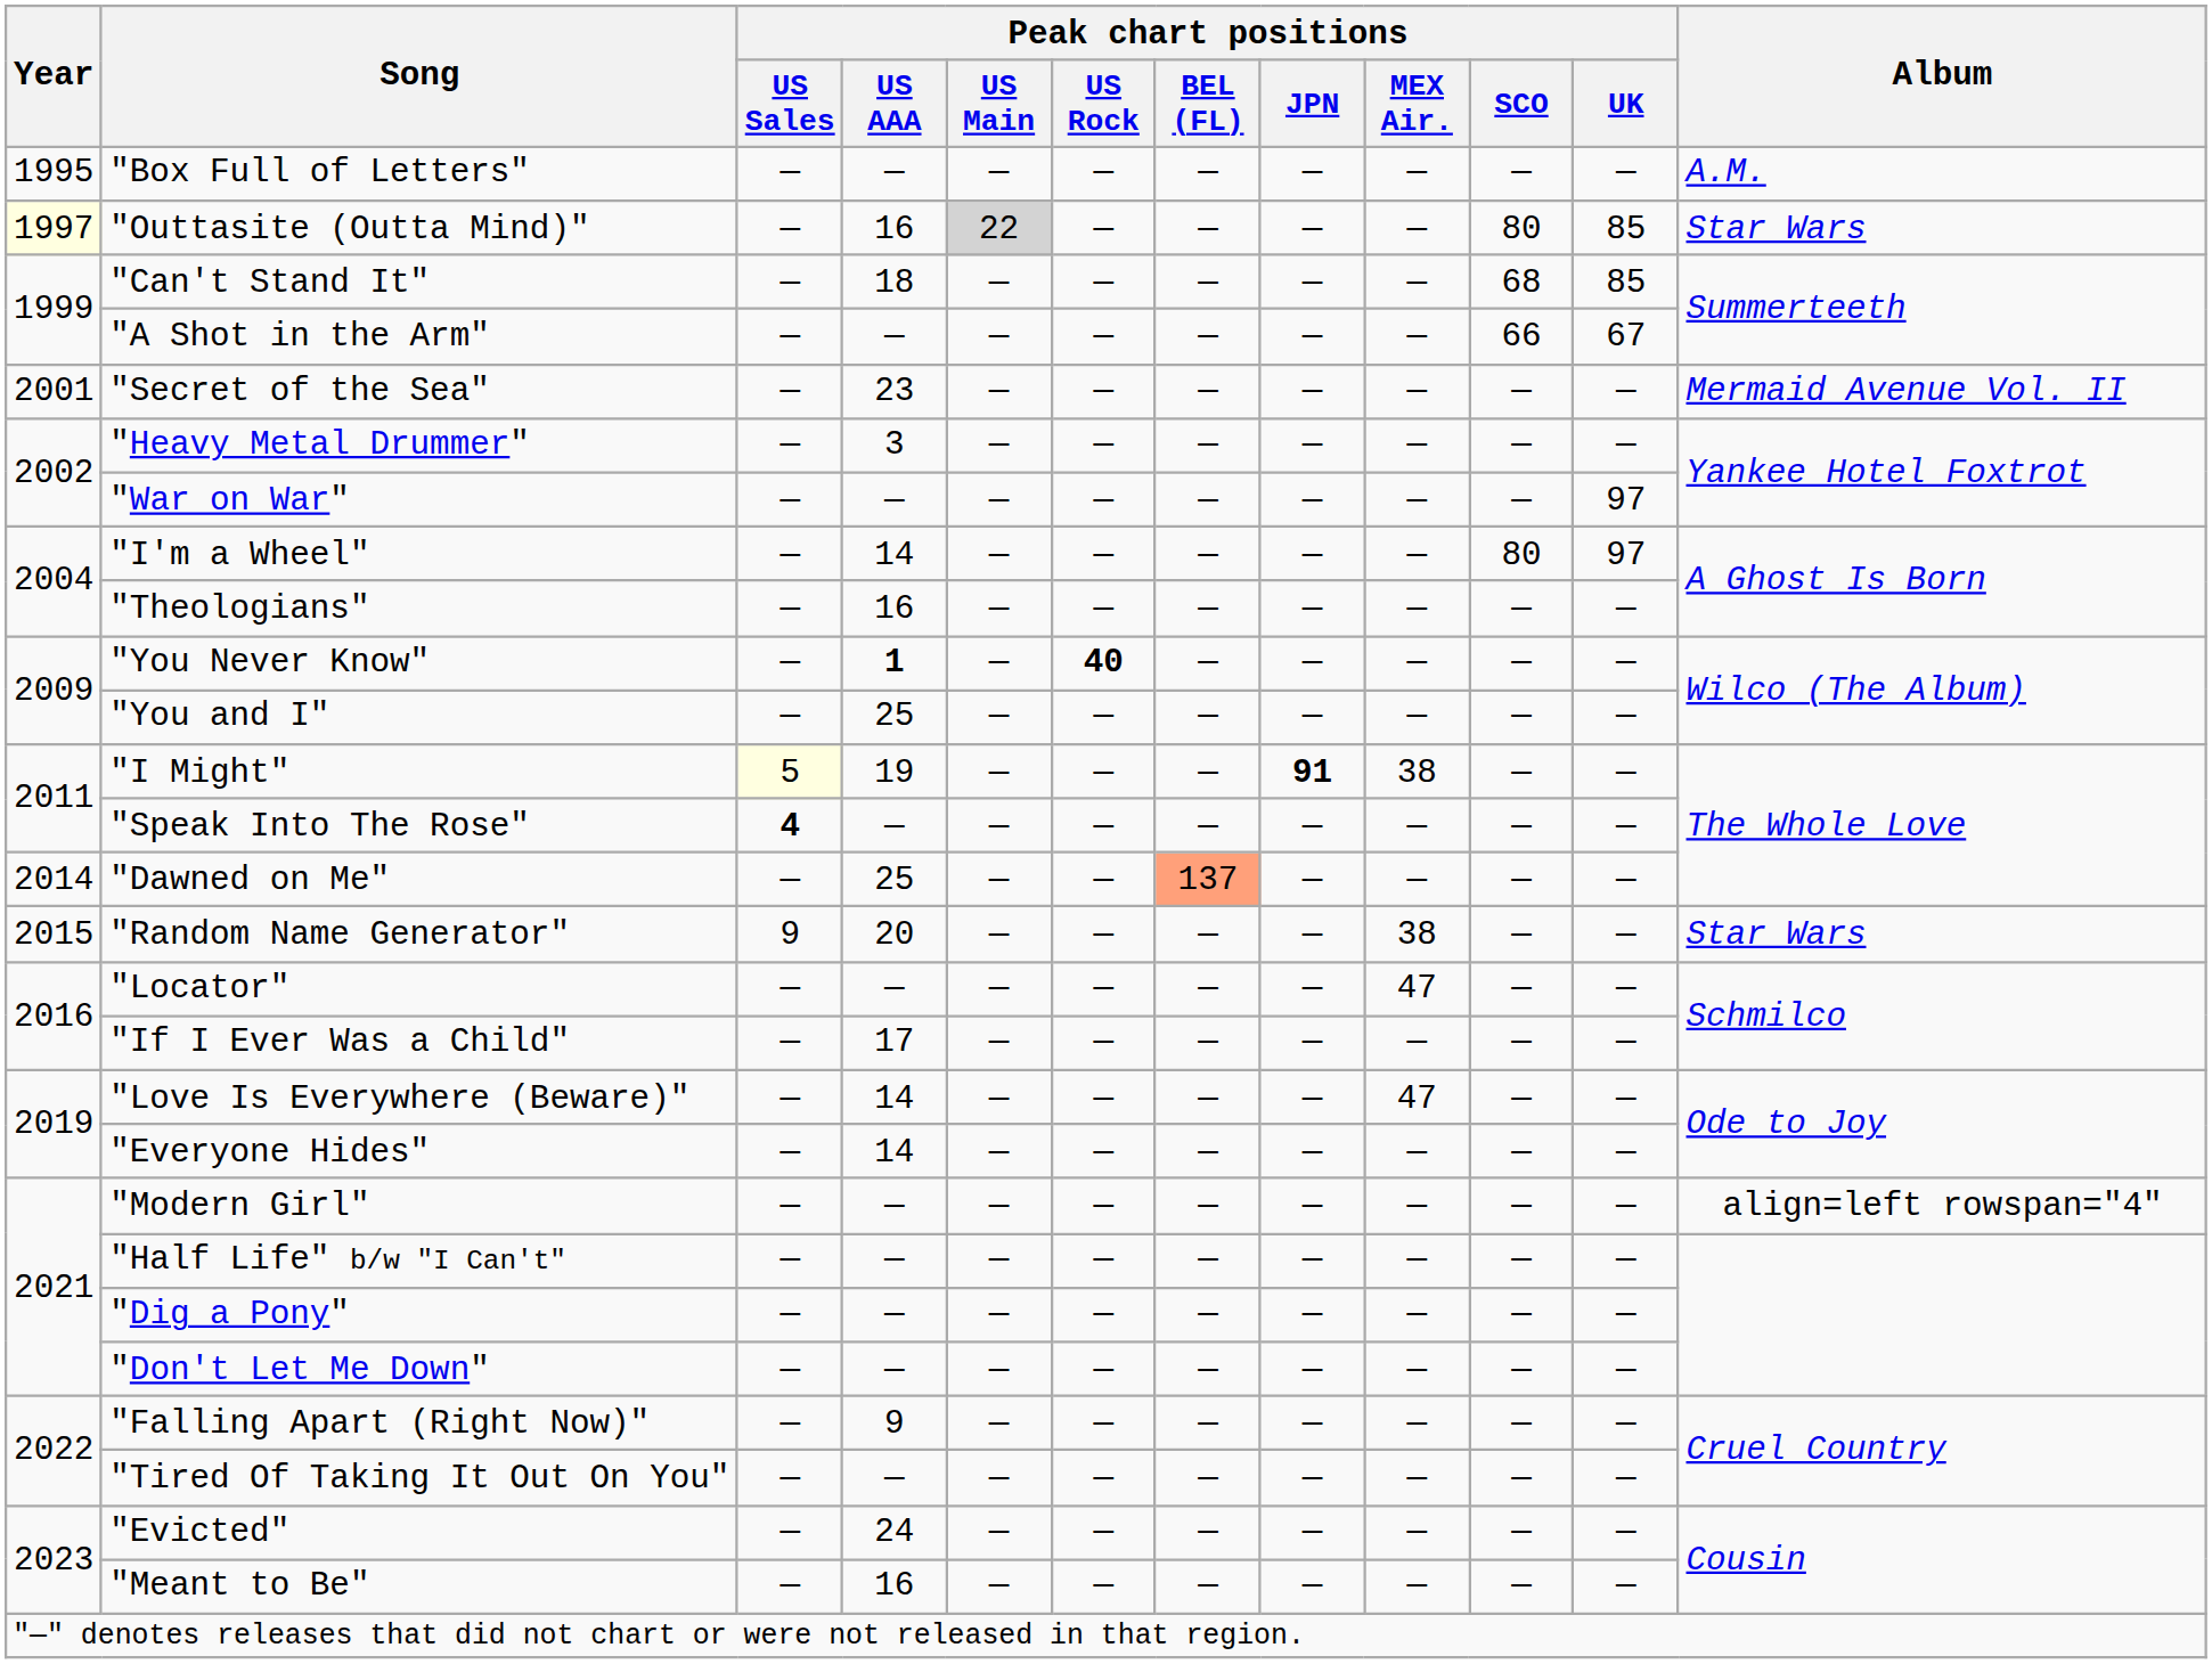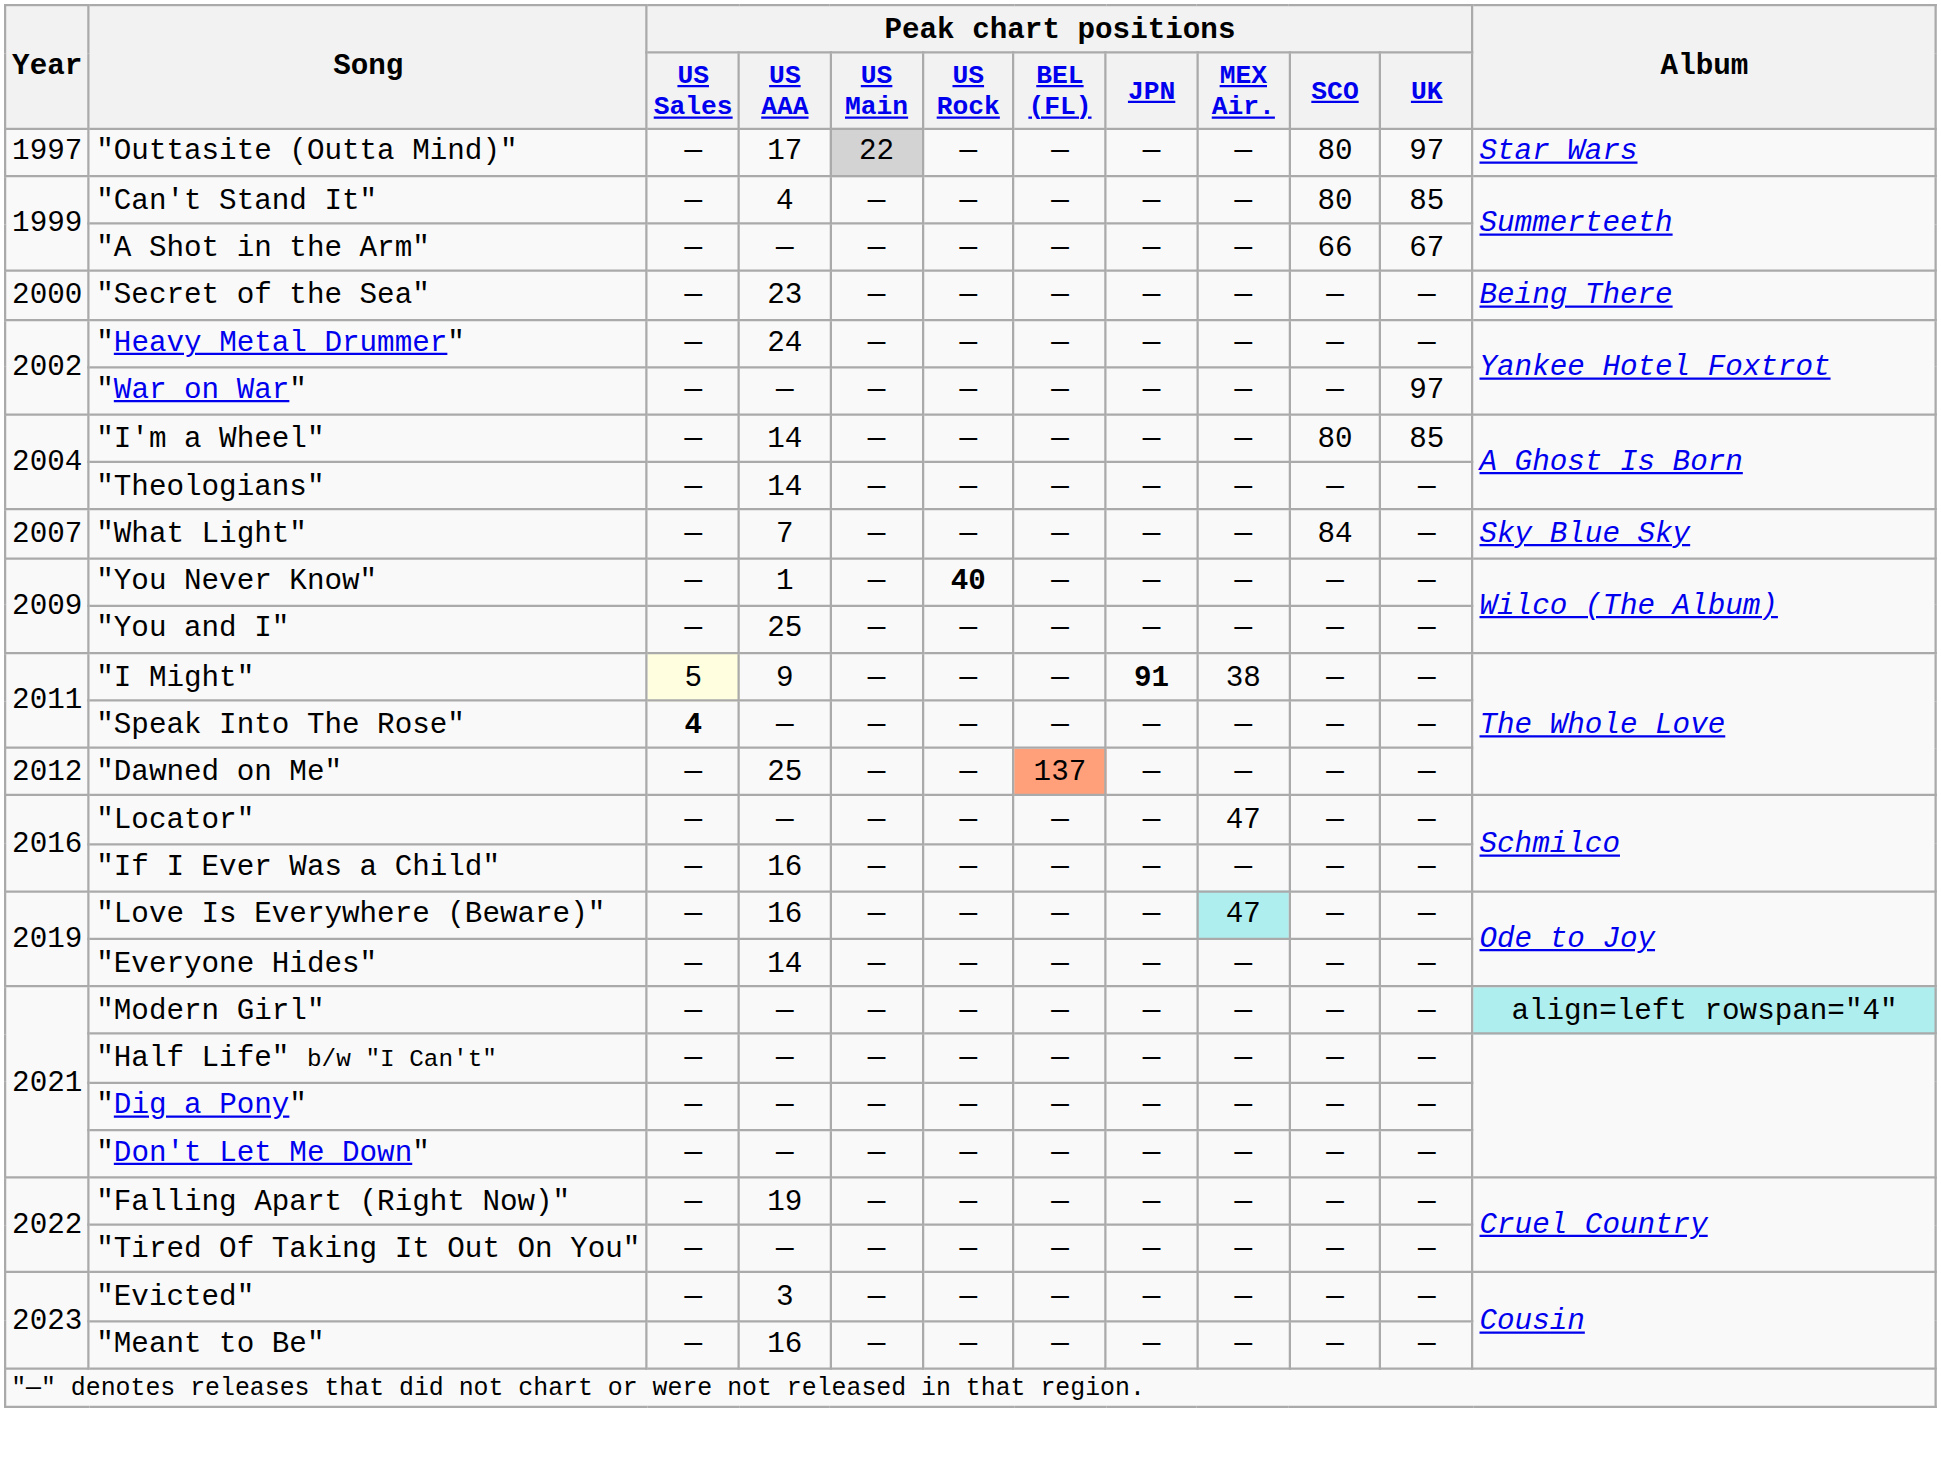 <table class="wikitable plainrowheaders" style="text-align:center;" border="1">
 <tr>
 <th rowspan="2">Year</th>
 <th rowspan="2">Song</th>
 <th colspan="9">Peak chart positions</th>
 <th rowspan="2" width="200">Album</th>
 </tr>
 <tr>
 <th style="width:3em;font-size:90%"><a href='#'>US<br>Sales</a><br></th>
 <th style="width:3em;font-size:90%"><a href='#'>US<br>AAA</a><br></th>
 <th style="width:3em;font-size:90%"><a href='#'>US<br>Main</a><br></th>
 <th style="width:3em;font-size:90%"><a href='#'>US<br>Rock</a><br></th>
 <th style="width:3em;font-size:90%"><a href='#'>BEL<br>(FL)</a><br></th>
 <th style="width:3em;font-size:90%"><a href='#'>JPN</a><br></th>
 <th style="width:3em;font-size:90%"><a href='#'>MEX<br>Air.</a><br></th>
 <th style="width:3em;font-size:90%"><a href='#'>SCO</a><br></th>
 <th style="width:3em;font-size:90%"><a href='#'>UK</a><br></th>
 </tr>
 <tr>
-<td>1995</td>
-<td align=left>"Box Full of Letters"</td>
-<td>—</td>
-<td>—</td>
-<td>—</td>
-<td>—</td>
-<td>—</td>
-<td>—</td>
-<td>—</td>
-<td>—</td>
-<td>—</td>
-<td align=left><em> <a href='#'>A.M.</a></em></td>
-</tr>
-<tr>
-<td style="background: lightyellow;">1997</td>
+<td>1997</td>
 <td align=left>"Outtasite (Outta Mind)"</td>
 <td>—</td>
-<td>16</td>
+<td>17</td>
 <td style="background: lightgrey;">22</td>
 <td>—</td>
 <td>—</td>
 <td>—</td>
 <td>—</td>
 <td>80</td>
-<td>85</td>
+<td>97</td>
 <td align=left rowspan="1"><em> <a href='#'>Star Wars</a></em></td>
 </tr>
 <tr>
 <td rowspan="2">1999</td>
 <td align=left>"Can't Stand It"</td>
 <td>—</td>
-<td>18</td>
+<td>4</td>
 <td>—</td>
 <td>—</td>
 <td>—</td>
 <td>—</td>
 <td>—</td>
-<td>68</td>
+<td>80</td>
 <td>85</td>
 <td align=left rowspan="2"><em><a href='#'>Summerteeth</a></em></td>
 </tr>
 <tr>
 <td align=left>"A Shot in the Arm"</td>
 <td>—</td>
 <td>—</td>
 <td>—</td>
 <td>—</td>
 <td>—</td>
 <td>—</td>
 <td>—</td>
 <td>66</td>
 <td>67</td>
 </tr>
 <tr>
-<td>2001</td>
+<td>2000</td>
 <td align=left>"Secret of the Sea"</td>
 <td>—</td>
 <td>23</td>
 <td>—</td>
 <td>—</td>
 <td>—</td>
 <td>—</td>
 <td>—</td>
 <td>—</td>
 <td>—</td>
-<td align=left><em><a href='#'>Mermaid Avenue Vol. II</a></em></td>
+<td align=left><em> <a href='#'>Being There</a></em></td>
 </tr>
 <tr>
 <td rowspan="2">2002</td>
 <td align=left>"<a href='#'>Heavy Metal Drummer</a>"</td>
 <td>—</td>
-<td>3</td>
+<td>24</td>
 <td>—</td>
 <td>—</td>
 <td>—</td>
 <td>—</td>
 <td>—</td>
 <td>—</td>
 <td>—</td>
 <td align=left rowspan="2"><em><a href='#'>Yankee Hotel Foxtrot</a></em></td>
 </tr>
 <tr>
 <td align=left>"<a href='#'>War on War</a>"</td>
 <td>—</td>
 <td>—</td>
 <td>—</td>
 <td>—</td>
 <td>—</td>
 <td>—</td>
 <td>—</td>
 <td>—</td>
 <td>97</td>
 </tr>
 <tr>
 <td rowspan="2">2004</td>
 <td align=left>"I'm a Wheel"</td>
 <td>—</td>
 <td>14</td>
 <td>—</td>
 <td>—</td>
 <td>—</td>
 <td>—</td>
 <td>—</td>
 <td>80</td>
-<td>97</td>
+<td>85</td>
 <td align=left rowspan="2"><em><a href='#'>A Ghost Is Born</a></em></td>
 </tr>
 <tr>
 <td align=left>"Theologians"</td>
 <td>—</td>
-<td>16</td>
+<td>14</td>
 <td>—</td>
 <td>—</td>
 <td>—</td>
 <td>—</td>
 <td>—</td>
 <td>—</td>
 <td>—</td>
 </tr>
 <tr>
+<td>2007</td>
+<td align=left>"What Light"</td>
+<td>—</td>
+<td>7</td>
+<td>—</td>
+<td>—</td>
+<td>—</td>
+<td>—</td>
+<td>—</td>
+<td>84</td>
+<td>—</td>
+<td align=left><em><a href='#'>Sky Blue Sky</a></em></td>
+</tr>
+<tr>
 <td rowspan="2">2009</td>
 <td align=left>"You Never Know"</td>
 <td>—</td>
-<td><strong>1</strong></td>
+<td>1</td>
 <td>—</td>
 <td><strong>40</strong></td>
 <td>—</td>
 <td>—</td>
 <td>—</td>
 <td>—</td>
 <td>—</td>
 <td align=left rowspan="2"><em><a href='#'>Wilco (The Album)</a></em></td>
 </tr>
 <tr>
 <td align=left>"You and I"</td>
 <td>—</td>
 <td>25</td>
 <td>—</td>
 <td>—</td>
 <td>—</td>
 <td>—</td>
 <td>—</td>
 <td>—</td>
 <td>—</td>
 </tr>
 <tr>
 <td rowspan="2">2011</td>
 <td align=left>"I Might"</td>
 <td style="background: lightyellow;">5</td>
-<td>19</td>
+<td>9</td>
 <td>—</td>
 <td>—</td>
 <td>—</td>
 <td><strong>91</strong></td>
 <td>38</td>
 <td>—</td>
 <td>—</td>
 <td align=left rowspan="3"><em><a href='#'>The Whole Love</a></em></td>
 </tr>
 <tr>
 <td align=left>"Speak Into The Rose"</td>
 <td><strong>4</strong></td>
 <td>—</td>
 <td>—</td>
 <td>—</td>
 <td>—</td>
 <td>—</td>
 <td>—</td>
 <td>—</td>
 <td>—</td>
 </tr>
 <tr>
-<td>2014</td>
+<td>2012</td>
 <td align=left>"Dawned on Me"</td>
 <td>—</td>
 <td>25</td>
 <td>—</td>
 <td>—</td>
 <td style="background: lightsalmon;">137</td>
 <td>—</td>
 <td>—</td>
 <td>—</td>
 <td>—</td>
-</tr>
-<tr>
-<td>2015</td>
-<td align=left>"Random Name Generator"</td>
-<td>9</td>
-<td>20</td>
-<td>—</td>
-<td>—</td>
-<td>—</td>
-<td>—</td>
-<td>38</td>
-<td>—</td>
-<td>—</td>
-<td align=left rowspan="1"><em> <a href='#'>Star Wars</a></em></td>
 </tr>
 <tr>
 <td rowspan="2">2016</td>
 <td align=left>"Locator"</td>
 <td>—</td>
 <td>—</td>
 <td>—</td>
 <td>—</td>
 <td>—</td>
 <td>—</td>
 <td>47</td>
 <td>—</td>
 <td>—</td>
 <td align=left rowspan="2"><em><a href='#'>Schmilco</a></em></td>
 </tr>
 <tr>
 <td align=left>"If I Ever Was a Child"</td>
 <td>—</td>
-<td>17</td>
+<td>16</td>
 <td>—</td>
 <td>—</td>
 <td>—</td>
 <td>—</td>
 <td>—</td>
 <td>—</td>
 <td>—</td>
 </tr>
 <tr>
 <td rowspan="2">2019</td>
 <td align=left>"Love Is Everywhere (Beware)"</td>
 <td>—</td>
-<td>14</td>
+<td>16</td>
 <td>—</td>
 <td>—</td>
 <td>—</td>
 <td>—</td>
-<td>47</td>
+<td style="background: paleturquoise;">47</td>
 <td>—</td>
 <td>—</td>
 <td align=left rowspan="2"><em> <a href='#'>Ode to Joy</a></em></td>
 </tr>
 <tr>
 <td align=left>"Everyone Hides"</td>
 <td>—</td>
 <td>14</td>
 <td>—</td>
 <td>—</td>
 <td>—</td>
 <td>—</td>
 <td>—</td>
 <td>—</td>
 <td>—</td>
 </tr>
 <tr>
 <td rowspan="4">2021</td>
 <td align=left>"Modern Girl"</td>
 <td>—</td>
 <td>—</td>
 <td>—</td>
 <td>—</td>
 <td>—</td>
 <td>—</td>
 <td>—</td>
 <td>—</td>
 <td>—</td>
-<td>align=left rowspan="4" </td>
+<td style="background: paleturquoise;">align=left rowspan="4" </td>
 </tr>
 <tr>
 <td align=left>"Half Life" <small>b/w "I Can't"</small></td>
 <td>—</td>
 <td>—</td>
 <td>—</td>
 <td>—</td>
 <td>—</td>
 <td>—</td>
 <td>—</td>
 <td>—</td>
 <td>—</td>
 </tr>
 <tr>
 <td align=left>"<a href='#'>Dig a Pony</a>"</td>
 <td>—</td>
 <td>—</td>
 <td>—</td>
 <td>—</td>
 <td>—</td>
 <td>—</td>
 <td>—</td>
 <td>—</td>
 <td>—</td>
 </tr>
 <tr>
 <td align=left>"<a href='#'>Don't Let Me Down</a>"</td>
 <td>—</td>
 <td>—</td>
 <td>—</td>
 <td>—</td>
 <td>—</td>
 <td>—</td>
 <td>—</td>
 <td>—</td>
 <td>—</td>
 </tr>
 <tr>
 <td rowspan="2">2022</td>
 <td align=left>"Falling Apart (Right Now)"</td>
 <td>—</td>
-<td>9</td>
+<td>19</td>
 <td>—</td>
 <td>—</td>
 <td>—</td>
 <td>—</td>
 <td>—</td>
 <td>—</td>
 <td>—</td>
 <td align=left rowspan="2"><em><a href='#'>Cruel Country</a></em></td>
 </tr>
 <tr>
 <td align=left>"Tired Of Taking It Out On You"</td>
 <td>—</td>
 <td>—</td>
 <td>—</td>
 <td>—</td>
 <td>—</td>
 <td>—</td>
 <td>—</td>
 <td>—</td>
 <td>—</td>
 </tr>
 <tr>
 <td rowspan=2>2023</td>
 <td align=left>"Evicted"</td>
 <td>—</td>
-<td>24</td>
+<td>3</td>
 <td>—</td>
 <td>—</td>
 <td>—</td>
 <td>—</td>
 <td>—</td>
 <td>—</td>
 <td>—</td>
 <td rowspan=2 align=left><em> <a href='#'>Cousin</a></em></td>
 </tr>
 <tr>
 <td align=left>"Meant to Be"</td>
 <td>—</td>
 <td>16</td>
 <td>—</td>
 <td>—</td>
 <td>—</td>
 <td>—</td>
 <td>—</td>
 <td>—</td>
 <td>—</td>
 </tr>
 <tr>
 <td colspan="12" align=left style="font-size: 85%">"—" denotes releases that did not chart or were not released in that region.</td>
 </tr>
 </table>
